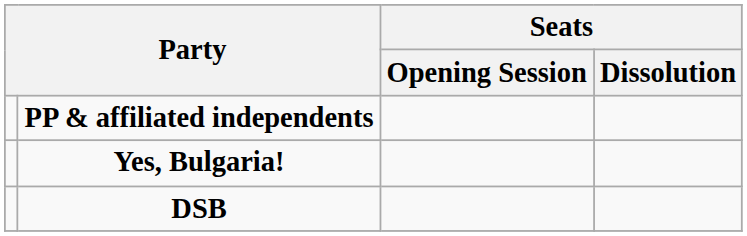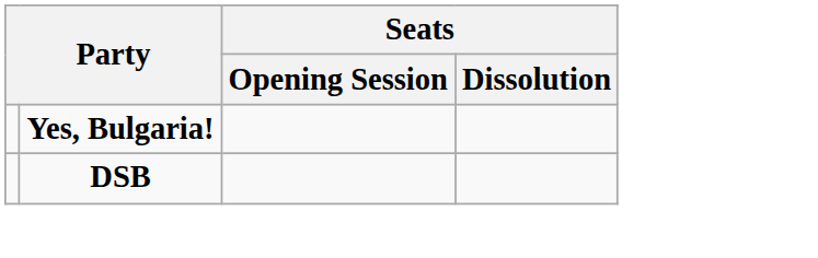 <table class="wikitable">
 <tr>
 <th colspan="2" rowspan="2">Party</th>
 <th colspan="2">Seats</th>
 </tr>
 <tr>
 <th>Opening Session</th>
 <th>Dissolution</th>
-</tr>
-<tr>
-<td style="color:inherit;background:"></td>
-<td style="text-align:center"><strong>PP & affiliated independents</strong></td>
-<td></td>
-<td></td>
 </tr>
 <tr>
 <td style="color:inherit;background:"></td>
 <td style="text-align:center"><strong>Yes, Bulgaria!</strong></td>
 <td></td>
 <td></td>
 </tr>
 <tr>
 <td style="color:inherit;background:"></td>
 <td style="text-align:center"><strong>DSB</strong></td>
 <td></td>
 <td></td>
 </tr>
 </table>
